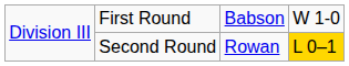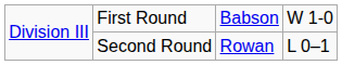 <table class="wikitable">
 <tr>
 <td rowspan="2"><a href='#'>Division III</a></td>
 <td>First Round</td>
 <td><a href='#'>Babson</a></td>
 <td>W 1-0</td>
 </tr>
 <tr>
 <td>Second Round</td>
 <td><a href='#'>Rowan</a></td>
-<td style="background: gold;">L 0–1</td>
+<td>L 0–1</td>
 </tr>
 </table>
